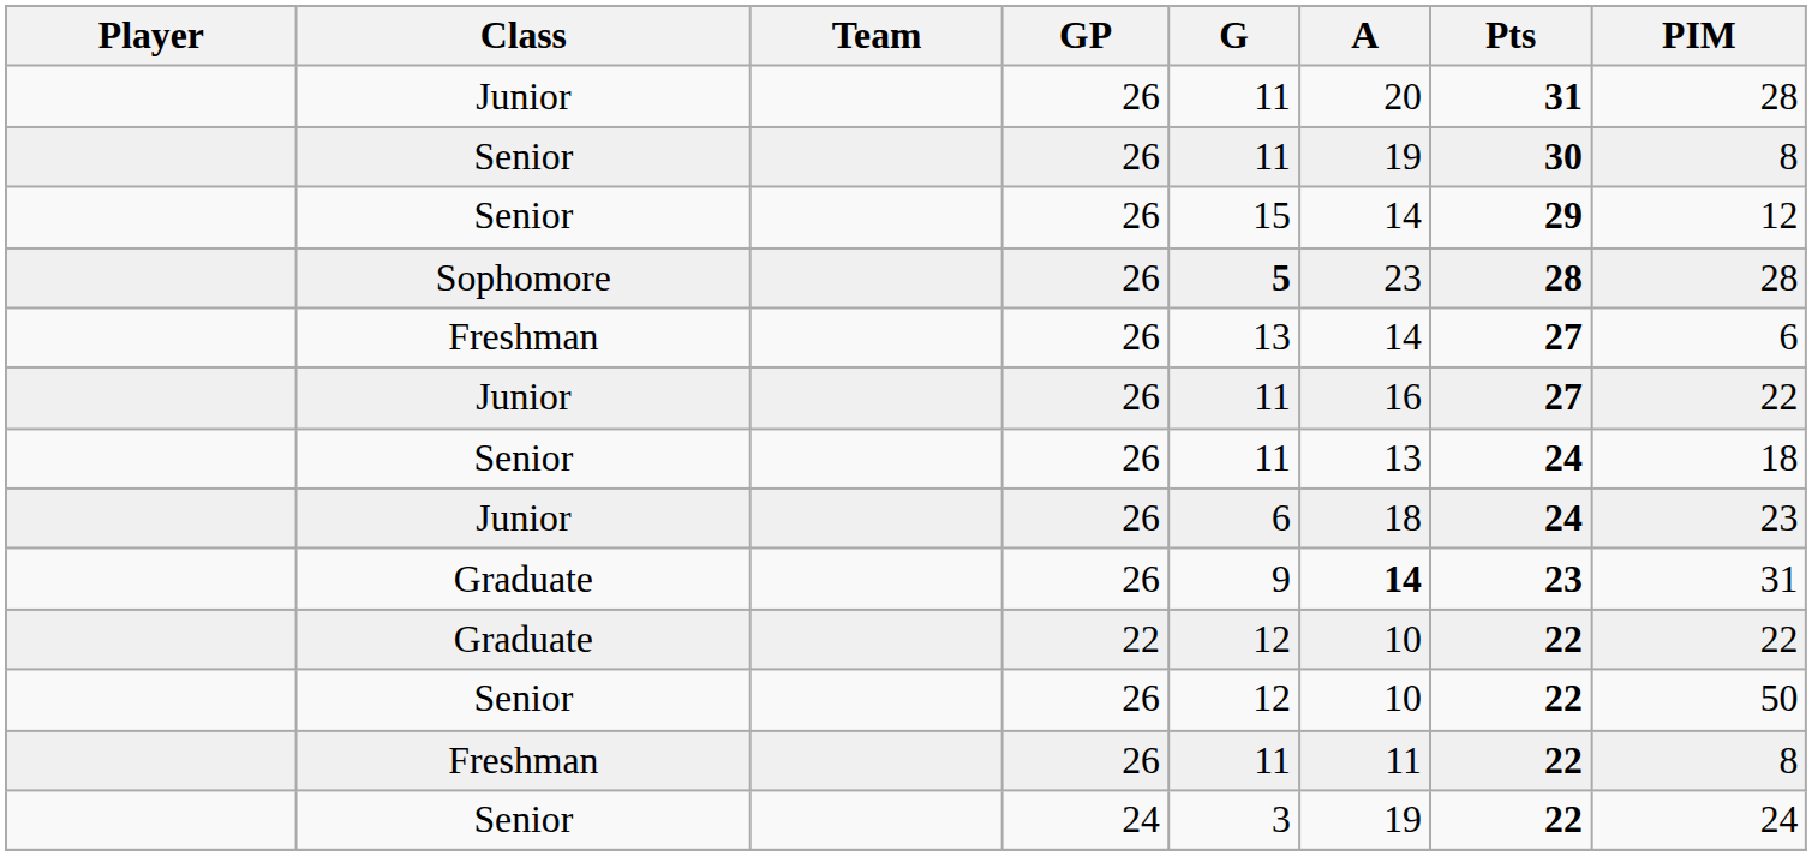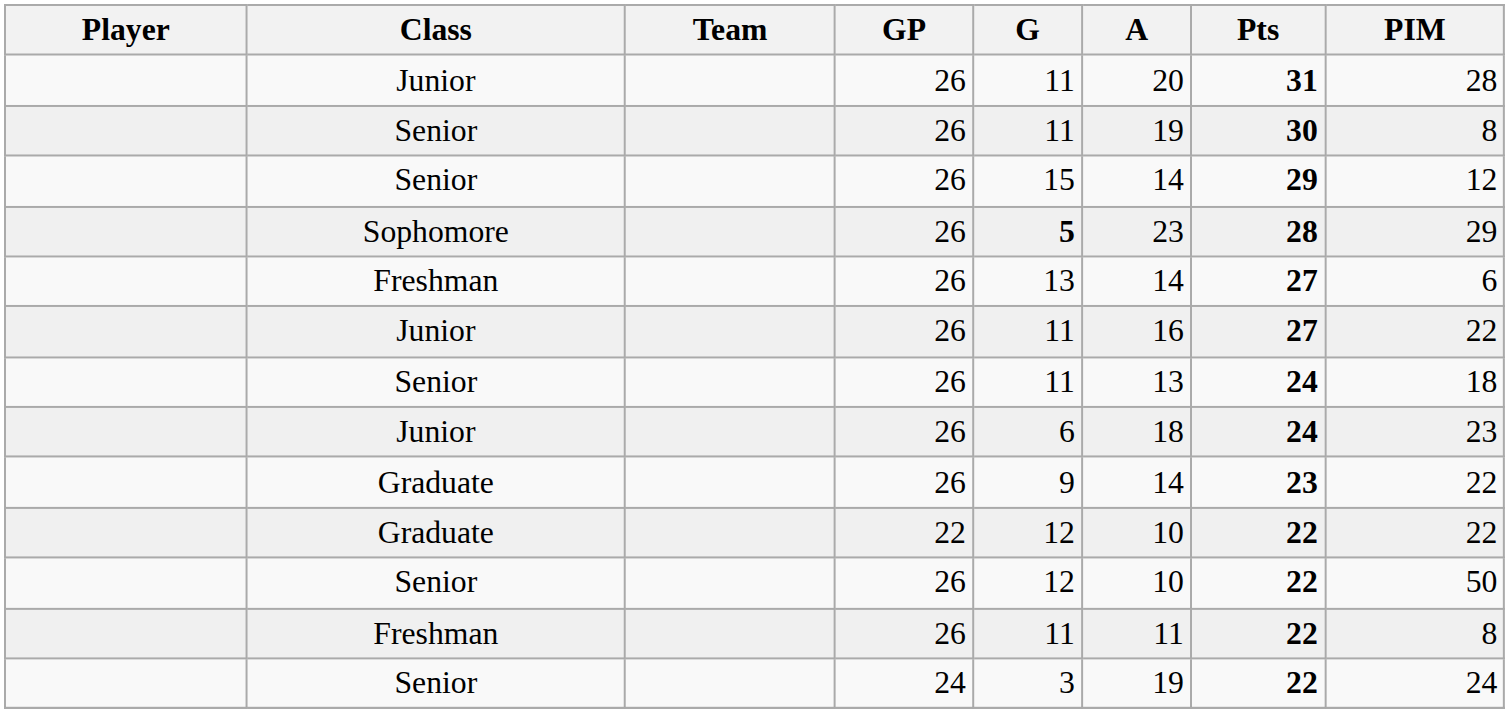 <table class="wikitable sortable" style="text-align: center; "width=60%">
 <tr>
 <th>Player</th>
 <th>Class</th>
 <th>Team</th>
 <th>GP</th>
 <th>G</th>
 <th>A</th>
 <th>Pts</th>
 <th>PIM</th>
 </tr>
 <tr>
 <td style="text-align: left"></td>
 <td>Junior</td>
 <td><strong><a href='#'></a></strong></td>
 <td style="text-align: right">26</td>
 <td style="text-align: right">11</td>
 <td style="text-align: right">20</td>
 <td style="text-align: right"><strong>31</strong></td>
 <td style="text-align: right">28</td>
 </tr>
 <tr bgcolor=f0f0f0>
 <td style="text-align: left"></td>
 <td>Senior</td>
 <td><strong><a href='#'></a></strong></td>
 <td style="text-align: right">26</td>
 <td style="text-align: right">11</td>
 <td style="text-align: right">19</td>
 <td style="text-align: right"><strong>30</strong></td>
 <td style="text-align: right">8</td>
 </tr>
 <tr>
 <td style="text-align: left"></td>
 <td>Senior</td>
 <td><strong><a href='#'></a></strong></td>
 <td style="text-align: right">26</td>
 <td style="text-align: right">15</td>
 <td style="text-align: right">14</td>
 <td style="text-align: right"><strong>29</strong></td>
 <td style="text-align: right">12</td>
 </tr>
 <tr bgcolor=f0f0f0>
 <td style="text-align: left"></td>
 <td>Sophomore</td>
 <td><strong><a href='#'></a></strong></td>
 <td style="text-align: right">26</td>
 <td style="text-align: right"><strong>5</strong></td>
 <td style="text-align: right">23</td>
 <td style="text-align: right"><strong>28</strong></td>
-<td style="text-align: right">28</td>
+<td style="text-align: right">29</td>
 </tr>
 <tr>
 <td style="text-align: left"></td>
 <td>Freshman</td>
 <td><strong><a href='#'></a></strong></td>
 <td style="text-align: right">26</td>
 <td style="text-align: right">13</td>
 <td style="text-align: right">14</td>
 <td style="text-align: right"><strong>27</strong></td>
 <td style="text-align: right">6</td>
 </tr>
 <tr bgcolor=f0f0f0>
 <td style="text-align: left"></td>
 <td>Junior</td>
 <td><strong><a href='#'></a></strong></td>
 <td style="text-align: right">26</td>
 <td style="text-align: right">11</td>
 <td style="text-align: right">16</td>
 <td style="text-align: right"><strong>27</strong></td>
 <td style="text-align: right">22</td>
 </tr>
 <tr>
 <td style="text-align: left"></td>
 <td>Senior</td>
 <td><strong><a href='#'></a></strong></td>
 <td style="text-align: right">26</td>
 <td style="text-align: right">11</td>
 <td style="text-align: right">13</td>
 <td style="text-align: right"><strong>24</strong></td>
 <td style="text-align: right">18</td>
 </tr>
 <tr bgcolor=f0f0f0>
 <td style="text-align: left"></td>
 <td>Junior</td>
 <td><strong><a href='#'></a></strong></td>
 <td style="text-align: right">26</td>
 <td style="text-align: right">6</td>
 <td style="text-align: right">18</td>
 <td style="text-align: right"><strong>24</strong></td>
 <td style="text-align: right">23</td>
 </tr>
 <tr>
 <td style="text-align: left"></td>
 <td>Graduate</td>
 <td><strong><a href='#'></a></strong></td>
 <td style="text-align: right">26</td>
 <td style="text-align: right">9</td>
-<td style="text-align: right"><strong>14</strong></td>
+<td style="text-align: right">14</td>
 <td style="text-align: right"><strong>23</strong></td>
-<td style="text-align: right">31</td>
+<td style="text-align: right">22</td>
 </tr>
 <tr bgcolor=f0f0f0>
 <td style="text-align: left"></td>
 <td>Graduate</td>
 <td><strong><a href='#'></a></strong></td>
 <td style="text-align: right">22</td>
 <td style="text-align: right">12</td>
 <td style="text-align: right">10</td>
 <td style="text-align: right"><strong>22</strong></td>
 <td style="text-align: right">22</td>
 </tr>
 <tr>
 <td style="text-align: left"></td>
 <td>Senior</td>
 <td><strong><a href='#'></a></strong></td>
 <td style="text-align: right">26</td>
 <td style="text-align: right">12</td>
 <td style="text-align: right">10</td>
 <td style="text-align: right"><strong>22</strong></td>
 <td style="text-align: right">50</td>
 </tr>
 <tr bgcolor=f0f0f0>
 <td style="text-align: left"></td>
 <td>Freshman</td>
 <td><strong><a href='#'></a></strong></td>
 <td style="text-align: right">26</td>
 <td style="text-align: right">11</td>
 <td style="text-align: right">11</td>
 <td style="text-align: right"><strong>22</strong></td>
 <td style="text-align: right">8</td>
 </tr>
 <tr>
 <td style="text-align: left"></td>
 <td>Senior</td>
 <td><strong><a href='#'></a></strong></td>
 <td style="text-align: right">24</td>
 <td style="text-align: right">3</td>
 <td style="text-align: right">19</td>
 <td style="text-align: right"><strong>22</strong></td>
 <td style="text-align: right">24</td>
 </tr>
 <tr>
 </tr>
 </table>
